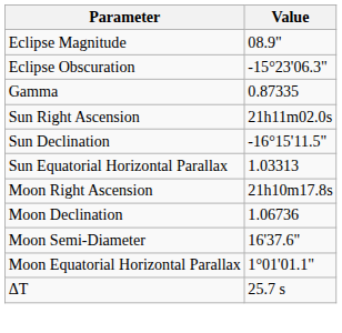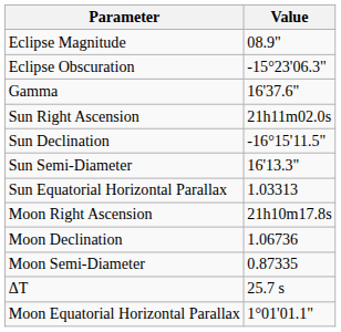 <table class="wikitable">
 <tr>
 <th>Parameter</th>
 <th>Value</th>
 </tr>
 <tr>
 <td>Eclipse Magnitude</td>
 <td>08.9"</td>
 </tr>
 <tr>
 <td>Eclipse Obscuration</td>
 <td>-15°23'06.3"</td>
 </tr>
 <tr>
 <td>Gamma</td>
-<td>0.87335</td>
+<td>16'37.6"</td>
 </tr>
 <tr>
 <td>Sun Right Ascension</td>
 <td>21h11m02.0s</td>
 </tr>
 <tr>
 <td>Sun Declination</td>
 <td>-16°15'11.5"</td>
+</tr>
+<tr>
+<td>Sun Semi-Diameter</td>
+<td>16'13.3"</td>
 </tr>
 <tr>
 <td>Sun Equatorial Horizontal Parallax</td>
 <td>1.03313</td>
 </tr>
 <tr>
 <td>Moon Right Ascension</td>
 <td>21h10m17.8s</td>
 </tr>
 <tr>
 <td>Moon Declination</td>
 <td>1.06736</td>
 </tr>
 <tr>
 <td>Moon Semi-Diameter</td>
-<td>16'37.6"</td>
+<td>0.87335</td>
+</tr>
+<tr>
+<td>ΔT</td>
+<td>25.7 s</td>
 </tr>
 <tr>
 <td>Moon Equatorial Horizontal Parallax</td>
 <td>1°01'01.1"</td>
 </tr>
-<tr>
-<td>ΔT</td>
-<td>25.7 s</td>
-</tr>
 </table>
